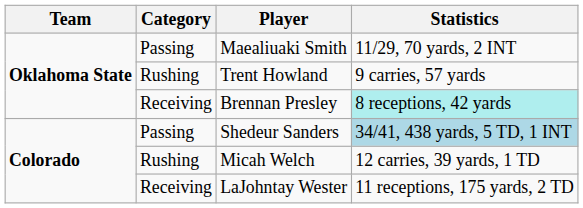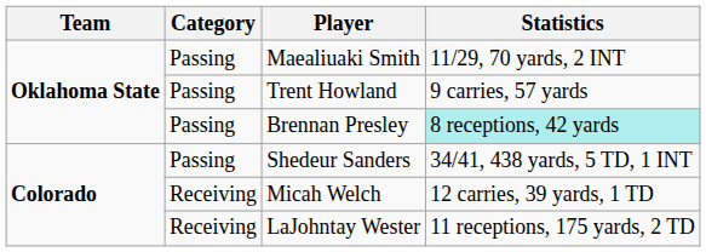 <table class="wikitable" style="float: right;">
 <tr>
 <th>Team</th>
 <th>Category</th>
 <th>Player</th>
 <th>Statistics</th>
 </tr>
 <tr>
 <td rowspan=3><strong>Oklahoma State</strong></td>
 <td>Passing</td>
 <td>Maealiuaki Smith</td>
 <td>11/29, 70 yards, 2 INT</td>
 </tr>
 <tr>
-<td>Rushing</td>
+<td>Passing</td>
 <td>Trent Howland</td>
 <td>9 carries, 57 yards</td>
 </tr>
 <tr>
-<td>Receiving</td>
+<td>Passing</td>
 <td>Brennan Presley</td>
 <td style="background: paleturquoise;">8 receptions, 42 yards</td>
 </tr>
 <tr>
 <td rowspan=3><strong>Colorado</strong></td>
 <td>Passing</td>
 <td>Shedeur Sanders</td>
-<td style="background: lightblue;">34/41, 438 yards, 5 TD, 1 INT</td>
+<td>34/41, 438 yards, 5 TD, 1 INT</td>
 </tr>
 <tr>
-<td>Rushing</td>
+<td>Receiving</td>
 <td>Micah Welch</td>
 <td>12 carries, 39 yards, 1 TD</td>
 </tr>
 <tr>
 <td>Receiving</td>
 <td>LaJohntay Wester</td>
 <td>11 receptions, 175 yards, 2 TD</td>
 </tr>
 </table>
